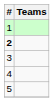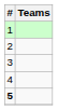 <table class="wikitable">
 <tr>
 <th>#</th>
 <th>Teams</th>
 </tr>
 <tr bgcolor=ccffcc>
 <td>1</td>
 <td></td>
 </tr>
 <tr>
-<td><strong>2</strong></td>
+<td>2</td>
 <td></td>
 </tr>
 <tr>
 <td>3</td>
 <td></td>
 </tr>
 <tr>
 <td>4</td>
 <td></td>
 </tr>
 <tr>
-<td>5</td>
+<td><strong>5</strong></td>
 <td></td>
 </tr>
 <tr>
 </tr>
 </table>
